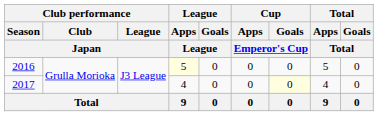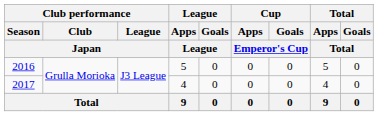 <table class="wikitable" style="text-align:center;">
 <tr>
 <th colspan=3>Club performance</th>
 <th colspan=2>League</th>
 <th colspan=2>Cup</th>
 <th colspan=2>Total</th>
 </tr>
 <tr>
 <th>Season</th>
 <th>Club</th>
 <th>League</th>
 <th>Apps</th>
 <th>Goals</th>
 <th>Apps</th>
 <th>Goals</th>
 <th>Apps</th>
 <th>Goals</th>
 </tr>
 <tr>
 <th colspan=3>Japan</th>
 <th colspan=2>League</th>
 <th colspan=2><a href='#'>Emperor's Cup</a></th>
 <th colspan=2>Total</th>
 </tr>
 <tr>
 <td><a href='#'>2016</a></td>
 <td rowspan="2"><a href='#'>Grulla Morioka</a></td>
 <td rowspan="2"><a href='#'>J3 League</a></td>
-<td style="background: lightyellow;">5</td>
+<td>5</td>
 <td>0</td>
 <td>0</td>
 <td>0</td>
 <td>5</td>
 <td>0</td>
 </tr>
 <tr>
 <td><a href='#'>2017</a></td>
 <td>4</td>
 <td>0</td>
 <td>0</td>
-<td style="background: lightyellow;">0</td>
+<td>0</td>
 <td>4</td>
 <td>0</td>
 </tr>
 <tr>
 <th colspan=3>Total</th>
 <th>9</th>
 <th>0</th>
 <th>0</th>
 <th>0</th>
 <th>9</th>
 <th>0</th>
 </tr>
 </table>
